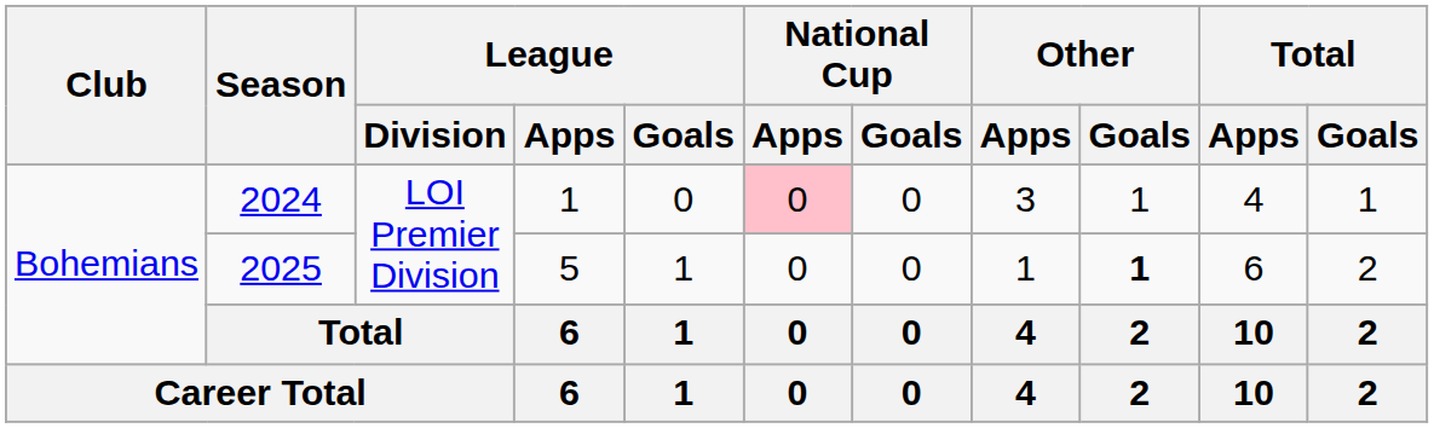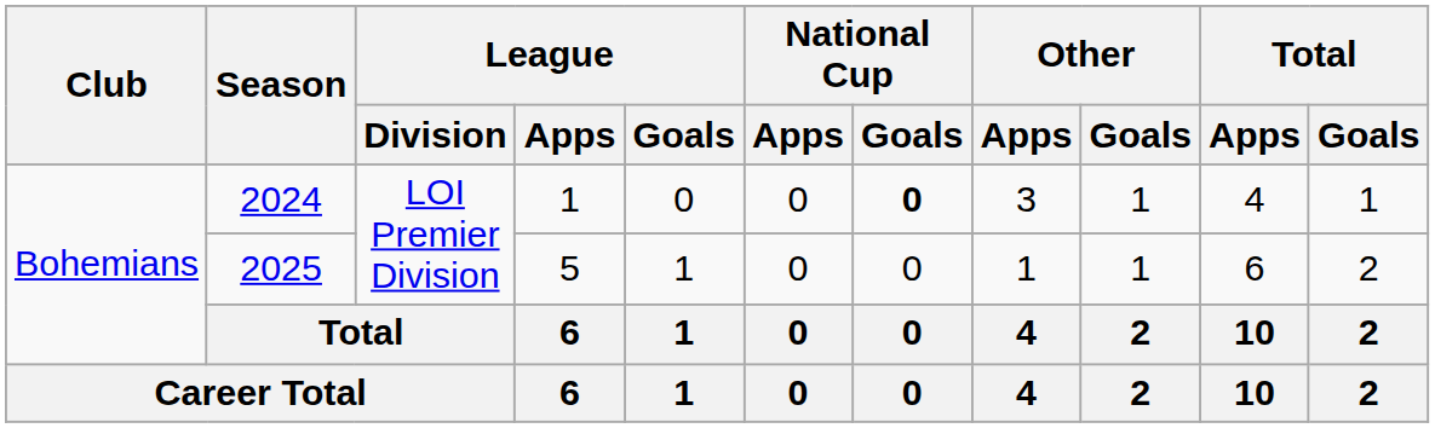 <table class=wikitable style="text-align: center">
 <tr>
 <th rowspan=2>Club</th>
 <th rowspan=2>Season</th>
 <th colspan=3>League</th>
 <th colspan=2>National Cup</th>
 <th colspan=2>Other</th>
 <th colspan=2>Total</th>
 </tr>
 <tr>
 <th>Division</th>
 <th>Apps</th>
 <th>Goals</th>
 <th>Apps</th>
 <th>Goals</th>
 <th>Apps</th>
 <th>Goals</th>
 <th>Apps</th>
 <th>Goals</th>
 </tr>
 <tr>
 <td rowspan="3"><a href='#'>Bohemians</a></td>
 <td><a href='#'>2024</a></td>
 <td rowspan="2"><a href='#'>LOI Premier Division</a></td>
 <td>1</td>
 <td>0</td>
-<td style="background: pink;">0</td>
 <td>0</td>
+<td><strong>0</strong></td>
 <td>3</td>
 <td>1</td>
 <td>4</td>
 <td>1</td>
 </tr>
 <tr>
 <td><a href='#'>2025</a></td>
 <td>5</td>
 <td>1</td>
 <td>0</td>
 <td>0</td>
 <td>1</td>
-<td><strong>1</strong></td>
+<td>1</td>
 <td>6</td>
 <td>2</td>
 </tr>
 <tr>
 <th colspan="2">Total</th>
 <th>6</th>
 <th>1</th>
 <th>0</th>
 <th>0</th>
 <th>4</th>
 <th>2</th>
 <th>10</th>
 <th>2</th>
 </tr>
 <tr>
 <th colspan="3">Career Total</th>
 <th>6</th>
 <th>1</th>
 <th>0</th>
 <th>0</th>
 <th>4</th>
 <th>2</th>
 <th>10</th>
 <th>2</th>
 </tr>
 </table>
